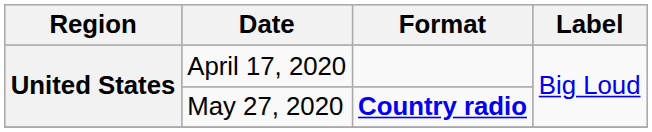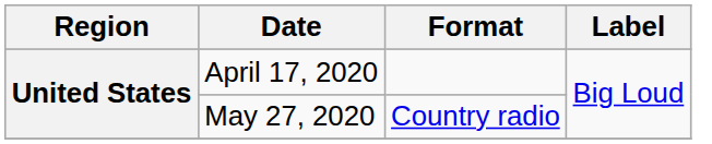 <table class="wikitable plainrowheaders">
 <tr>
 <th scope="col">Region</th>
 <th scope="col">Date</th>
 <th scope="col">Format</th>
 <th scope="col">Label</th>
 </tr>
 <tr>
 <th scope="row" rowspan="2">United States</th>
 <td>April 17, 2020</td>
 <td></td>
 <td rowspan="2"><a href='#'>Big Loud</a></td>
 </tr>
 <tr>
 <td>May 27, 2020</td>
-<td><strong><a href='#'>Country radio</a></strong></td>
+<td><a href='#'>Country radio</a></td>
 </tr>
 <tr>
 </tr>
 </table>
